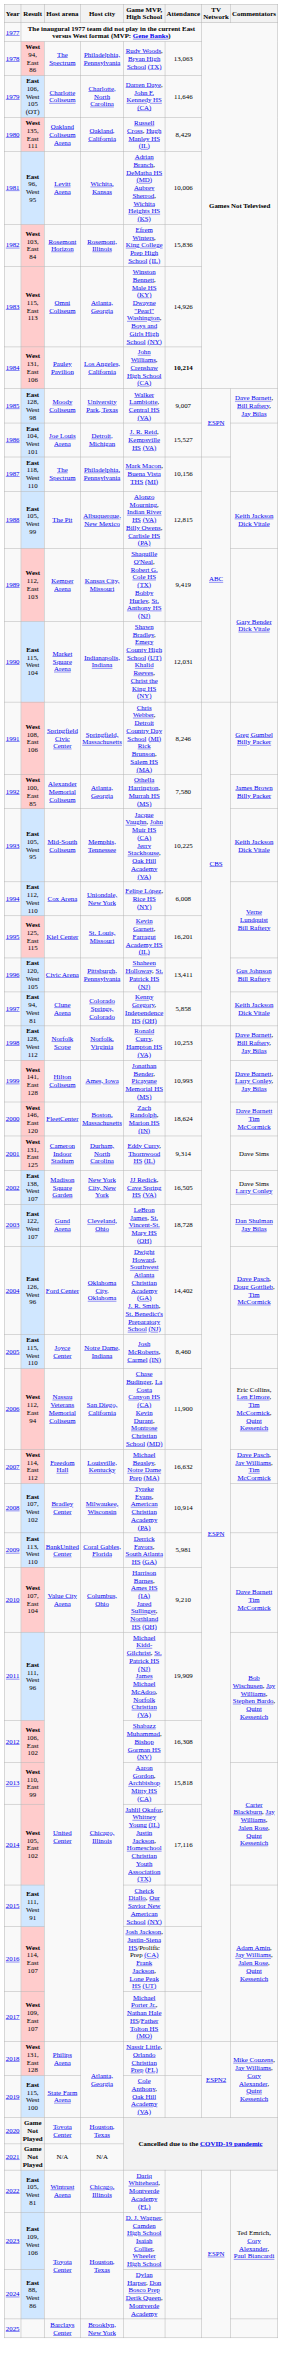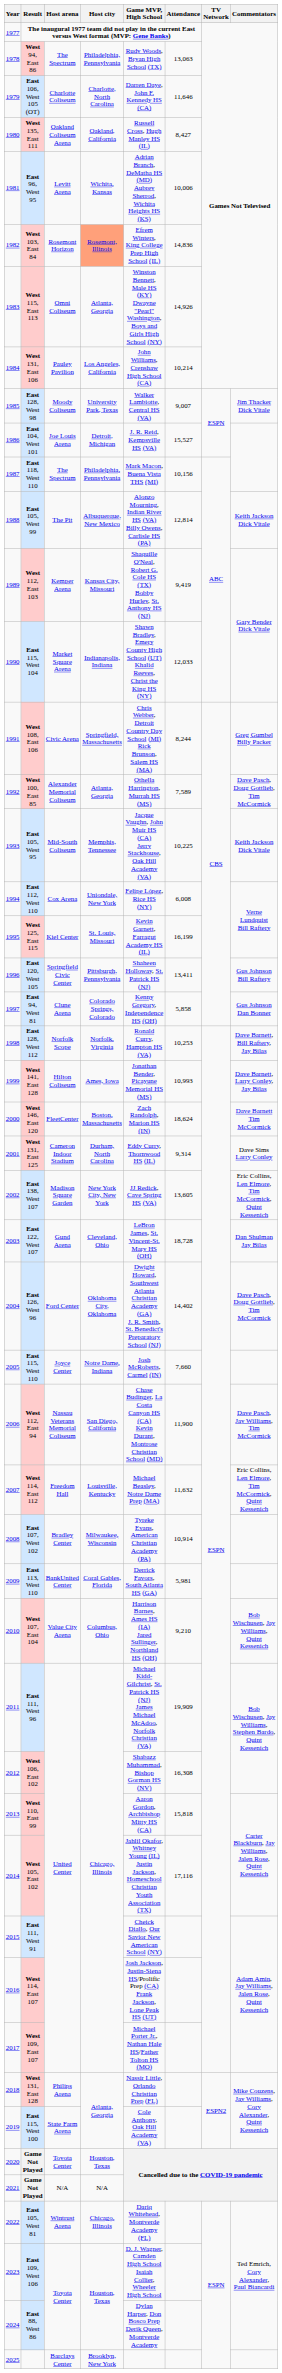 <table class="wikitable sortable" style="text-align:center">
 <tr>
 <th>Year</th>
 <th>Result</th>
 <th>Host arena</th>
 <th>Host city</th>
 <th>Game MVP, High School</th>
 <th>Attendance</th>
 <th>TV Network</th>
 <th>Commentators</th>
 </tr>
 <tr>
 <td><a href='#'>1977</a></td>
 <td colspan="5" align="center"><strong>The inaugural 1977 team did not play in the current East versus West format (MVP: <a href='#'>Gene Banks</a>)</strong></td>
 <td colspan="2" rowspan="8"><strong>Games Not Televised</strong></td>
 </tr>
 <tr>
 <td><a href='#'>1978</a></td>
 <td style="background:#fcc;"><strong>West</strong> 94, East 86</td>
 <td><a href='#'>The Spectrum</a></td>
 <td><a href='#'>Philadelphia, Pennsylvania</a></td>
 <td><a href='#'>Rudy Woods</a>, <a href='#'>Bryan High School</a> <a href='#'>(TX)</a></td>
 <td>13,063</td>
 </tr>
 <tr>
 <td><a href='#'>1979</a></td>
 <td style="background:#d0e7ff;"><strong>East</strong> 106, West 105 (OT)</td>
 <td><a href='#'>Charlotte Coliseum</a></td>
 <td><a href='#'>Charlotte, North Carolina</a></td>
 <td><a href='#'>Darren Daye</a>, <a href='#'>John F. Kennedy HS</a> <a href='#'>(CA)</a></td>
 <td>11,646</td>
 </tr>
 <tr>
 <td><a href='#'>1980</a></td>
 <td style="background:#fcc;"><strong>West</strong> 135, East 111</td>
 <td><a href='#'>Oakland Coliseum Arena</a></td>
 <td><a href='#'>Oakland, California</a></td>
 <td><a href='#'>Russell Cross</a>, <a href='#'>Hugh Manley HS</a> <a href='#'>(IL)</a></td>
-<td>8,429</td>
+<td>8,427</td>
 </tr>
 <tr>
 <td><a href='#'>1981</a></td>
 <td style="background:#d0e7ff;"><strong>East</strong> 96, West 95</td>
 <td><a href='#'>Levitt Arena</a></td>
 <td><a href='#'>Wichita, Kansas</a></td>
 <td><a href='#'>Adrian Branch</a>, <a href='#'>DeMatha HS</a> <a href='#'>(MD)</a> <br> <a href='#'>Aubrey Sherrod</a>, <a href='#'>Wichita Heights HS</a> <a href='#'>(KS)</a></td>
 <td>10,006</td>
 </tr>
 <tr>
 <td><a href='#'>1982</a></td>
 <td style="background:#fcc;"><strong>West</strong> 103, East 84</td>
 <td><a href='#'>Rosemont Horizon</a></td>
-<td><a href='#'>Rosemont, Illinois</a></td>
+<td style="background: lightsalmon;"><a href='#'>Rosemont, Illinois</a></td>
 <td><a href='#'>Efrem Winters</a>, <a href='#'>King College Prep High School</a> <a href='#'>(IL)</a></td>
-<td>15,836</td>
+<td>14,836</td>
 </tr>
 <tr>
 <td><a href='#'>1983</a></td>
 <td style="background:#fcc;"><strong>West</strong> 115, East 113</td>
 <td><a href='#'>Omni Coliseum</a></td>
 <td><a href='#'>Atlanta, Georgia</a></td>
 <td><a href='#'>Winston Bennett</a>, <a href='#'>Male HS</a> <a href='#'>(KY)</a> <br> <a href='#'>Dwayne "Pearl" Washington</a>, <a href='#'>Boys and Girls High School</a> <a href='#'>(NY)</a></td>
 <td>14,926</td>
 </tr>
 <tr>
 <td><a href='#'>1984</a></td>
 <td style="background:#fcc;"><strong>West</strong> 131, East 106</td>
 <td><a href='#'>Pauley Pavilion</a></td>
 <td><a href='#'>Los Angeles, California</a></td>
 <td><a href='#'>John Williams</a>, <a href='#'>Crenshaw High School</a> <a href='#'>(CA)</a></td>
-<td><strong>10,214</strong></td>
+<td>10,214</td>
 </tr>
 <tr>
 <td><a href='#'>1985</a></td>
 <td style="background:#d0e7ff;"><strong>East</strong> 128, West 98</td>
 <td><a href='#'>Moody Coliseum</a></td>
 <td><a href='#'>University Park, Texas</a></td>
 <td><a href='#'>Walker Lambiotte</a>, <a href='#'>Central HS</a> <a href='#'>(VA)</a></td>
 <td>9,007</td>
 <td rowspan=2><a href='#'>ESPN</a></td>
-<td><a href='#'>Dave Barnett</a>, <a href='#'>Bill Raftery</a>, <br> <a href='#'>Jay Bilas</a></td>
+<td><a href='#'>Jim Thacker</a> <br> <a href='#'>Dick Vitale</a></td>
 </tr>
 <tr |>
 <td><a href='#'>1986</a></td>
 <td style="background:#d0e7ff;"><strong>East</strong> 104, West 101</td>
 <td><a href='#'>Joe Louis Arena</a></td>
 <td><a href='#'>Detroit, Michigan</a></td>
 <td><a href='#'>J. R. Reid</a>, <a href='#'>Kempsville HS</a> <a href='#'>(VA)</a></td>
 <td>15,527</td>
 </tr>
 <tr>
 <td><a href='#'>1987</a></td>
 <td style="background:#d0e7ff;"><strong>East</strong> 118, West 110</td>
 <td><a href='#'>The Spectrum</a></td>
 <td><a href='#'>Philadelphia, Pennsylvania</a></td>
 <td><a href='#'>Mark Macon</a>, <a href='#'>Buena Vista THS</a> <a href='#'>(MI)</a></td>
 <td>10,156</td>
 <td rowspan=4><a href='#'>ABC</a></td>
 </tr>
 <tr>
 <td><a href='#'>1988</a></td>
 <td style="background:#d0e7ff;"><strong>East</strong> 105, West 99</td>
 <td><a href='#'>The Pit</a></td>
 <td><a href='#'>Albuquerque, New Mexico</a></td>
 <td><a href='#'>Alonzo Mourning</a>, <a href='#'>Indian River HS</a> <a href='#'>(VA)</a> <br> <a href='#'>Billy Owens</a>, <a href='#'>Carlisle HS</a> <a href='#'>(PA)</a></td>
-<td>12,815</td>
+<td>12,814</td>
 <td><a href='#'>Keith Jackson</a> <br> <a href='#'>Dick Vitale</a></td>
 </tr>
 <tr>
 <td><a href='#'>1989</a></td>
 <td style="background:#fcc;"><strong>West</strong> 112, East 103</td>
 <td><a href='#'>Kemper Arena</a></td>
 <td><a href='#'>Kansas City, Missouri</a></td>
 <td><a href='#'>Shaquille O'Neal</a>, <a href='#'>Robert G. Cole HS</a> <a href='#'>(TX)</a> <br> <a href='#'>Bobby Hurley</a>, <a href='#'>St. Anthony HS</a> <a href='#'>(NJ)</a></td>
 <td>9,419</td>
 <td rowspan=2><a href='#'>Gary Bender</a> <br> <a href='#'>Dick Vitale</a></td>
 </tr>
 <tr>
 <td><a href='#'>1990</a></td>
 <td style="background:#d0e7ff;"><strong>East</strong> 115, West 104</td>
 <td><a href='#'>Market Square Arena</a></td>
 <td><a href='#'>Indianapolis, Indiana</a></td>
 <td><a href='#'>Shawn Bradley</a>, <a href='#'>Emery County High School</a> <a href='#'>(UT)</a> <br> <a href='#'>Khalid Reeves</a>, <a href='#'>Christ the King HS</a> <a href='#'>(NY)</a></td>
-<td>12,031</td>
+<td>12,033</td>
 </tr>
 <tr>
 <td><a href='#'>1991</a></td>
 <td style="background:#fcc;"><strong>West</strong> 108, East 106</td>
-<td><a href='#'>Springfield Civic Center</a></td>
+<td><a href='#'>Civic Arena</a></td>
 <td><a href='#'>Springfield, Massachusetts</a></td>
 <td><a href='#'>Chris Webber</a>, <a href='#'>Detroit Country Day School</a> <a href='#'>(MI)</a> <br> <a href='#'>Rick Brunson</a>, <a href='#'>Salem HS</a> <a href='#'>(MA)</a></td>
-<td>8,246</td>
+<td>8,244</td>
 <td rowspan=7><a href='#'>CBS</a></td>
 <td><a href='#'>Greg Gumbel</a> <br> <a href='#'>Billy Packer</a></td>
 </tr>
 <tr>
 <td><a href='#'>1992</a></td>
 <td style="background:#fcc;"><strong>West</strong> 100, East 85</td>
 <td><a href='#'>Alexander Memorial Coliseum</a></td>
 <td><a href='#'>Atlanta, Georgia</a></td>
 <td><a href='#'>Othella Harrington</a>, <a href='#'>Murrah HS</a> <a href='#'>(MS)</a></td>
-<td>7,580</td>
-<td><a href='#'>James Brown</a> <br> <a href='#'>Billy Packer</a></td>
+<td>7,589</td>
+<td><a href='#'>Dave Pasch</a>, <a href='#'>Doug Gottlieb</a>, <br> <a href='#'>Tim McCormick</a></td>
 </tr>
 <tr>
 <td><a href='#'>1993</a></td>
 <td style="background:#d0e7ff;"><strong>East</strong> 105, West 95</td>
 <td><a href='#'>Mid-South Coliseum</a></td>
 <td><a href='#'>Memphis, Tennessee</a></td>
 <td><a href='#'>Jacque Vaughn</a>, <a href='#'>John Muir HS</a> <a href='#'>(CA)</a> <br> <a href='#'>Jerry Stackhouse</a>, <a href='#'>Oak Hill Academy</a> <a href='#'>(VA)</a></td>
 <td>10,225</td>
 <td><a href='#'>Keith Jackson</a> <br> <a href='#'>Dick Vitale</a></td>
 </tr>
 <tr>
 <td><a href='#'>1994</a></td>
 <td style="background:#d0e7ff;"><strong>East</strong> 112, West 110</td>
 <td><a href='#'>Cox Arena</a></td>
 <td><a href='#'>Uniondale, New York</a></td>
 <td><a href='#'>Felipe López</a>, <a href='#'>Rice HS</a> <a href='#'>(NY)</a></td>
 <td>6,008</td>
 <td rowspan=2><a href='#'>Verne Lundquist</a> <br> <a href='#'>Bill Raftery</a></td>
 </tr>
 <tr>
 <td><a href='#'>1995</a></td>
 <td style="background:#fcc;"><strong>West</strong> 125, East 115</td>
 <td><a href='#'>Kiel Center</a></td>
 <td><a href='#'>St. Louis, Missouri</a></td>
 <td><a href='#'>Kevin Garnett</a>, <a href='#'>Farragut Academy HS</a> <a href='#'>(IL)</a></td>
-<td>16,201</td>
+<td>16,199</td>
 </tr>
 <tr>
 <td><a href='#'>1996</a></td>
 <td style="background:#d0e7ff;"><strong>East</strong> 120, West 105</td>
-<td><a href='#'>Civic Arena</a></td>
+<td><a href='#'>Springfield Civic Center</a></td>
 <td><a href='#'>Pittsburgh, Pennsylvania</a></td>
 <td><a href='#'>Shaheen Holloway</a>, <a href='#'>St. Patrick HS</a> <a href='#'>(NJ)</a></td>
 <td>13,411</td>
 <td><a href='#'>Gus Johnson</a> <br> <a href='#'>Bill Raftery</a></td>
 </tr>
 <tr>
 <td><a href='#'>1997</a></td>
 <td style="background:#d0e7ff;"><strong>East</strong> 94, West 81</td>
 <td><a href='#'>Clune Arena</a></td>
 <td><a href='#'>Colorado Springs, Colorado</a></td>
 <td><a href='#'>Kenny Gregory</a>, <a href='#'>Independence HS</a> <a href='#'>(OH)</a></td>
 <td>5,858</td>
-<td><a href='#'>Keith Jackson</a> <br> <a href='#'>Dick Vitale</a></td>
+<td><a href='#'>Gus Johnson</a> <br> <a href='#'>Dan Bonner</a></td>
 </tr>
 <tr>
 <td><a href='#'>1998</a></td>
 <td style="background:#d0e7ff;"><strong>East</strong> 128, West 112</td>
 <td><a href='#'>Norfolk Scope</a></td>
 <td><a href='#'>Norfolk, Virginia</a></td>
 <td><a href='#'>Ronald Curry</a>, <a href='#'>Hampton HS</a> <a href='#'>(VA)</a></td>
 <td>10,253</td>
 <td rowspan=20><a href='#'>ESPN</a></td>
 <td><a href='#'>Dave Barnett</a>, <a href='#'>Bill Raftery</a>, <br> <a href='#'>Jay Bilas</a></td>
 </tr>
 <tr>
 <td><a href='#'>1999</a></td>
 <td style="background:#fcc;"><strong>West</strong> 141, East 128</td>
 <td><a href='#'>Hilton Coliseum</a></td>
 <td><a href='#'>Ames, Iowa</a></td>
 <td><a href='#'>Jonathan Bender</a>, <a href='#'>Picayune Memorial HS</a> <a href='#'>(MS)</a></td>
 <td>10,993</td>
 <td><a href='#'>Dave Barnett</a>, <a href='#'>Larry Conley</a>, <br> <a href='#'>Jay Bilas</a></td>
 </tr>
 <tr>
 <td><a href='#'>2000</a></td>
 <td style="background:#fcc;"><strong>West</strong> 146, East 120</td>
 <td><a href='#'>FleetCenter</a></td>
 <td><a href='#'>Boston, Massachusetts</a></td>
 <td><a href='#'>Zach Randolph</a>, <a href='#'>Marion HS</a> <a href='#'>(IN)</a></td>
 <td>18,624</td>
 <td><a href='#'>Dave Barnett</a> <br> <a href='#'>Tim McCormick</a></td>
 </tr>
 <tr>
 <td><a href='#'>2001</a></td>
 <td style="background:#fcc;"><strong>West</strong> 131, East 125</td>
 <td><a href='#'>Cameron Indoor Stadium</a></td>
 <td><a href='#'>Durham, North Carolina</a></td>
 <td><a href='#'>Eddy Curry</a>, <a href='#'>Thornwood HS</a> <a href='#'>(IL)</a></td>
 <td>9,314</td>
-<td>Dave Sims</td>
+<td>Dave Sims <br> <a href='#'>Larry Conley</a></td>
 </tr>
 <tr>
 <td><a href='#'>2002</a></td>
 <td style="background:#d0e7ff;"><strong>East</strong> 138, West 107</td>
 <td><a href='#'>Madison Square Garden</a></td>
 <td><a href='#'>New York City, New York</a></td>
 <td><a href='#'>JJ Redick</a>, <a href='#'>Cave Spring HS</a> <a href='#'>(VA)</a></td>
-<td>16,505</td>
-<td>Dave Sims <br> <a href='#'>Larry Conley</a></td>
+<td>13,605</td>
+<td>Eric Collins, <a href='#'>Len Elmore</a>, <br> <a href='#'>Tim McCormick</a>, <a href='#'>Quint Kessenich</a></td>
 </tr>
 <tr>
 <td><a href='#'>2003</a></td>
 <td style="background:#d0e7ff;"><strong>East</strong> 122, West 107</td>
 <td><a href='#'>Gund Arena</a></td>
 <td><a href='#'>Cleveland, Ohio</a></td>
 <td><a href='#'>LeBron James</a>, <a href='#'>St. Vincent-St. Mary HS</a> <a href='#'>(OH)</a></td>
 <td>18,728</td>
 <td><a href='#'>Dan Shulman</a> <br> <a href='#'>Jay Bilas</a></td>
 </tr>
 <tr>
 <td><a href='#'>2004</a></td>
 <td style="background:#d0e7ff;"><strong>East</strong> 126, West 96</td>
 <td><a href='#'>Ford Center</a></td>
 <td><a href='#'>Oklahoma City, Oklahoma</a></td>
 <td><a href='#'>Dwight Howard</a>, <a href='#'>Southwest Atlanta Christian Academy</a> <a href='#'>(GA)</a> <br> <a href='#'>J. R. Smith</a>, <a href='#'>St. Benedict's Preparatory School</a> <a href='#'>(NJ)</a></td>
 <td>14,402</td>
 <td><a href='#'>Dave Pasch</a>, <a href='#'>Doug Gottlieb</a>, <br> <a href='#'>Tim McCormick</a></td>
 </tr>
 <tr>
 <td><a href='#'>2005</a></td>
 <td style="background:#d0e7ff;"><strong>East</strong> 115, West 110</td>
 <td><a href='#'>Joyce Center</a></td>
 <td><a href='#'>Notre Dame, Indiana</a></td>
 <td><a href='#'>Josh McRoberts</a>, <a href='#'>Carmel</a> <a href='#'>(IN)</a></td>
-<td>8,460</td>
+<td>7,660</td>
 </tr>
 <tr>
 <td><a href='#'>2006</a></td>
 <td style="background:#fcc;"><strong>West</strong> 112, East 94</td>
 <td><a href='#'>Nassau Veterans Memorial Coliseum</a></td>
 <td><a href='#'>San Diego, California</a></td>
 <td><a href='#'>Chase Budinger</a>, <a href='#'>La Costa Canyon HS</a> <a href='#'>(CA)</a> <br> <a href='#'>Kevin Durant</a>, <a href='#'>Montrose Christian School</a> <a href='#'>(MD)</a></td>
 <td>11,900</td>
-<td>Eric Collins, <a href='#'>Len Elmore</a>, <br> <a href='#'>Tim McCormick</a>, <a href='#'>Quint Kessenich</a></td>
+<td><a href='#'>Dave Pasch</a>, <a href='#'>Jay Williams</a>, <br> <a href='#'>Tim McCormick</a></td>
 </tr>
 <tr>
 <td><a href='#'>2007</a></td>
 <td style="background:#fcc;"><strong>West</strong> 114, East 112</td>
 <td><a href='#'>Freedom Hall</a></td>
 <td><a href='#'>Louisville, Kentucky</a></td>
 <td><a href='#'>Michael Beasley</a>, <a href='#'>Notre Dame Prep</a> <a href='#'>(MA)</a></td>
-<td>16,632</td>
-<td><a href='#'>Dave Pasch</a>, <a href='#'>Jay Williams</a>, <br> <a href='#'>Tim McCormick</a></td>
+<td>11,632</td>
+<td>Eric Collins, <a href='#'>Len Elmore</a>, <br> <a href='#'>Tim McCormick</a>, <a href='#'>Quint Kessenich</a></td>
 </tr>
 <tr>
 <td><a href='#'>2008</a></td>
 <td style="background:#d0e7ff;"><strong>East</strong> 107, West 102</td>
 <td><a href='#'>Bradley Center</a></td>
 <td><a href='#'>Milwaukee, Wisconsin</a></td>
 <td><a href='#'>Tyreke Evans</a>, <a href='#'>American Christian Academy</a> <a href='#'>(PA)</a></td>
 <td>10,914</td>
 <td> </td>
 </tr>
 <tr>
 <td><a href='#'>2009</a></td>
 <td style="background:#d0e7ff;"><strong>East</strong> 113, West 110</td>
 <td><a href='#'>BankUnited Center</a></td>
 <td><a href='#'>Coral Gables, Florida</a></td>
 <td><a href='#'>Derrick Favors</a>, <a href='#'>South Atlanta HS</a> <a href='#'>(GA)</a></td>
 <td>5,981</td>
 <td> </td>
 </tr>
 <tr>
 <td><a href='#'>2010</a></td>
 <td style="background:#fcc;"><strong>West</strong> 107, East 104</td>
 <td><a href='#'>Value City Arena</a></td>
 <td><a href='#'>Columbus, Ohio</a></td>
 <td><a href='#'>Harrison Barnes</a>, <a href='#'>Ames HS</a> <a href='#'>(IA)</a> <br> <a href='#'>Jared Sullinger</a>, <a href='#'>Northland HS</a> <a href='#'>(OH)</a></td>
 <td>9,210</td>
-<td><a href='#'>Dave Barnett</a> <br> <a href='#'>Tim McCormick</a></td>
+<td><a href='#'>Bob Wischusen</a>, <a href='#'>Jay Williams</a>, <br> <a href='#'>Quint Kessenich</a></td>
 </tr>
 <tr>
 <td><a href='#'>2011</a></td>
 <td style="background:#d0e7ff;"><strong>East</strong> 111, West 96</td>
 <td rowspan=7><a href='#'>United Center</a></td>
 <td rowspan=7><a href='#'>Chicago, Illinois</a></td>
 <td><a href='#'>Michael Kidd-Gilchrist</a>, <a href='#'>St. Patrick HS</a> <a href='#'>(NJ)</a> <br> <a href='#'>James Michael McAdoo</a>, <a href='#'>Norfolk Christian</a> <a href='#'>(VA)</a></td>
 <td>19,909</td>
 <td rowspan=2><a href='#'>Bob Wischusen</a>, <a href='#'>Jay Williams</a>, <br> <a href='#'>Stephen Bardo</a>, <a href='#'>Quint Kessenich</a></td>
 </tr>
 <tr>
 <td><a href='#'>2012</a></td>
 <td style="background:#fcc;"><strong>West</strong> 106, East 102</td>
 <td><a href='#'>Shabazz Muhammad</a>, <a href='#'>Bishop Gorman HS</a> <a href='#'>(NV)</a></td>
 <td>16,308</td>
 </tr>
 <tr>
 <td><a href='#'>2013</a></td>
 <td style="background:#fcc;"><strong>West</strong> 110, East 99</td>
 <td><a href='#'>Aaron Gordon</a>, <a href='#'>Archbishop Mitty HS</a> <a href='#'>(CA)</a></td>
 <td>15,818</td>
 <td rowspan=2><a href='#'>Carter Blackburn</a>, <a href='#'>Jay Williams</a>, <br> <a href='#'>Jalen Rose</a>, <a href='#'>Quint Kessenich</a></td>
 </tr>
 <tr>
 <td><a href='#'>2014</a></td>
 <td style="background:#fcc;"><strong>West</strong> 105, East 102</td>
 <td><a href='#'>Jahlil Okafor</a>, <a href='#'>Whitney Young</a> <a href='#'>(IL)</a> <br> <a href='#'>Justin Jackson</a>, <a href='#'>Homeschool Christian Youth Association</a> <a href='#'>(TX)</a></td>
 <td>17,116</td>
 </tr>
 <tr>
 <td><a href='#'>2015</a></td>
 <td style="background:#d0e7ff;"><strong>East</strong> 111, West 91</td>
 <td><a href='#'>Cheick Diallo</a>, <a href='#'>Our Savior New American School</a> <a href='#'>(NY)</a></td>
 <td> </td>
 <td rowspan=3><a href='#'>Adam Amin</a>, <a href='#'>Jay Williams</a>, <br> <a href='#'>Jalen Rose</a>, <a href='#'>Quint Kessenich</a></td>
 </tr>
 <tr>
 <td><a href='#'>2016</a></td>
 <td style="background:#fcc;"><strong>West</strong> 114, East 107</td>
 <td><a href='#'>Josh Jackson</a>, <a href='#'>Justin-Siena HS</a>/Prolific Prep <a href='#'>(CA)</a> <br> <a href='#'>Frank Jackson</a>, <a href='#'>Lone Peak HS</a> <a href='#'>(UT)</a></td>
 <td> </td>
 </tr>
 <tr>
 <td><a href='#'>2017</a></td>
 <td style="background:#fcc;"><strong>West</strong> 109, East 107</td>
 <td><a href='#'>Michael Porter Jr.</a>, <a href='#'>Nathan Hale HS</a>/<a href='#'>Father Tolton HS</a> <a href='#'>(MO)</a></td>
 <td> </td>
 </tr>
 <tr>
 <td><a href='#'>2018</a></td>
 <td style="background:#fcc;"><strong>West</strong> 131, East 128</td>
 <td><a href='#'>Philips Arena</a></td>
 <td rowspan=2><a href='#'>Atlanta, Georgia</a></td>
 <td><a href='#'>Nassir Little</a>, <a href='#'>Orlando Christian Prep</a> <a href='#'>(FL)</a></td>
 <td> </td>
 <td rowspan=2><a href='#'>ESPN2</a></td>
 <td rowspan=2><a href='#'>Mike Couzens</a>, <a href='#'>Jay Williams</a>, <br> <a href='#'>Cory Alexander</a>, <a href='#'>Quint Kessenich</a></td>
 </tr>
 <tr>
 <td><a href='#'>2019</a></td>
 <td style="background:#d0e7ff;"><strong>East</strong> 115, West 100</td>
 <td><a href='#'>State Farm Arena</a></td>
 <td><a href='#'>Cole Anthony</a>, <a href='#'>Oak Hill Academy (VA)</a></td>
 <td> </td>
 </tr>
 <tr>
 <td><a href='#'>2020</a></td>
 <th>Game Not Played</th>
 <td><a href='#'>Toyota Center</a></td>
 <td><a href='#'>Houston, Texas</a></td>
 <th colspan="4" rowspan="2">Cancelled due to the <a href='#'>COVID-19 pandemic</a></th>
 </tr>
 <tr>
 <td><a href='#'>2021</a></td>
 <th>Game Not Played</th>
 <td>N/A</td>
 <td>N/A</td>
 </tr>
 <tr>
 <td><a href='#'>2022</a></td>
 <td style="background:#d0e7ff;"><strong>East</strong> 105, West 81</td>
 <td><a href='#'>Wintrust Arena</a></td>
 <td><a href='#'>Chicago, Illinois</a></td>
 <td><a href='#'>Dariq Whitehead</a>, <a href='#'>Montverde Academy</a> <a href='#'>(FL)</a></td>
 <td> </td>
 <td rowspan="4"><a href='#'>ESPN</a></td>
 <td rowspan="3">Ted Emrich, <a href='#'>Cory Alexander</a>, <a href='#'>Paul Biancardi</a></td>
 </tr>
 <tr>
 <td><a href='#'>2023</a></td>
 <td style="background:#d0e7ff;"><strong>East</strong> 109, West 106</td>
 <td rowspan="2"><a href='#'>Toyota Center</a></td>
 <td rowspan="2"><a href='#'>Houston, Texas</a></td>
 <td><a href='#'>D. J. Wagner</a>, <a href='#'>Camden High School</a><br><a href='#'>Isaiah Collier</a>, <a href='#'>Wheeler High School</a></td>
 <td> </td>
 </tr>
 <tr>
 <td><a href='#'>2024</a></td>
 <td style="background:#d0e7ff;"><strong>East</strong> 88, West 86</td>
 <td><a href='#'>Dylan Harper</a>, <a href='#'>Don Bosco Prep</a><br><a href='#'>Derik Queen</a>, <a href='#'>Montverde Academy</a></td>
 </tr>
 <tr>
 <td><a href='#'>2025</a></td>
 <td></td>
 <td><a href='#'>Barclays Center</a></td>
 <td><a href='#'>Brooklyn, New York</a></td>
 <td></td>
 <td></td>
 </tr>
 </table>
